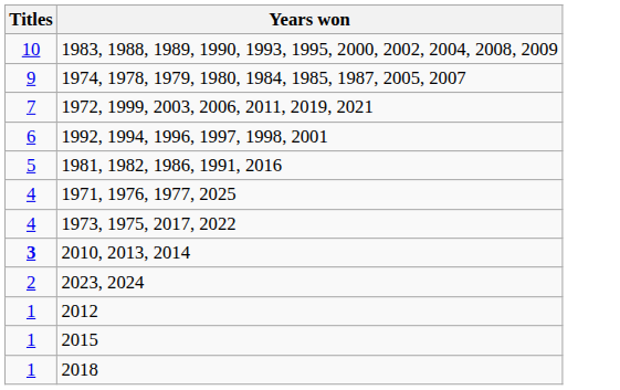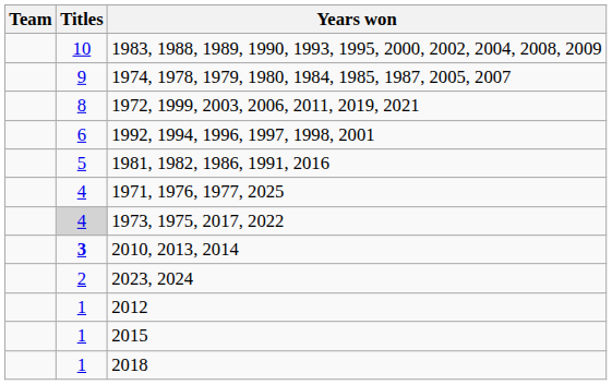 <table class="wikitable sortable" style="text-align:center">
 <tr>
+<th>Team</th>
 <th>Titles</th>
 <th>Years won</th>
 </tr>
 <tr>
+<td style=><strong></strong></td>
 <td><a href='#'>10</a></td>
 <td align=left>1983, 1988, 1989, 1990, 1993, 1995, 2000, 2002, 2004, 2008, 2009</td>
 </tr>
 <tr>
+<td style=><strong><a href='#'></a></strong></td>
 <td><a href='#'>9</a></td>
 <td align=left>1974, 1978, 1979, 1980, 1984, 1985, 1987, 2005, 2007</td>
 </tr>
 <tr>
-<td><a href='#'>7</a></td>
+<td style=><strong><a href='#'></a></strong></td>
+<td><a href='#'>8</a></td>
 <td align=left>1972, 1999, 2003, 2006, 2011, 2019, 2021</td>
 </tr>
 <tr>
+<td style=><strong></strong></td>
 <td><a href='#'>6</a></td>
 <td align=left>1992, 1994, 1996, 1997, 1998, 2001</td>
 </tr>
 <tr>
+<td style=><strong></strong></td>
 <td><a href='#'>5</a></td>
 <td align=left>1981, 1982, 1986, 1991, 2016</td>
 </tr>
 <tr>
+<td style=><strong><a href='#'></a></strong></td>
 <td><a href='#'>4</a></td>
 <td align=left>1971, 1976, 1977, 2025</td>
 </tr>
 <tr>
-<td><a href='#'>4</a></td>
+<td style=><strong><a href='#'></a></strong></td>
+<td style="background: lightgrey;"><a href='#'>4</a></td>
 <td align=left>1973, 1975, 2017, 2022</td>
 </tr>
 <tr>
+<td style=><strong><a href='#'></a></strong></td>
 <td><strong><a href='#'>3</a></strong></td>
 <td align=left>2010, 2013, 2014</td>
 </tr>
 <tr>
+<td><strong></strong></td>
 <td><a href='#'>2</a></td>
 <td align=left>2023, 2024</td>
 </tr>
 <tr>
+<td><strong></strong></td>
 <td><a href='#'>1</a></td>
 <td align=left>2012</td>
 </tr>
 <tr>
+<td style=><strong><a href='#'></a></strong></td>
 <td><a href='#'>1</a></td>
 <td align=left>2015</td>
 </tr>
 <tr>
+<td style=><strong><a href='#'></a></strong></td>
 <td><a href='#'>1</a></td>
 <td align=left>2018</td>
 </tr>
 </table>
